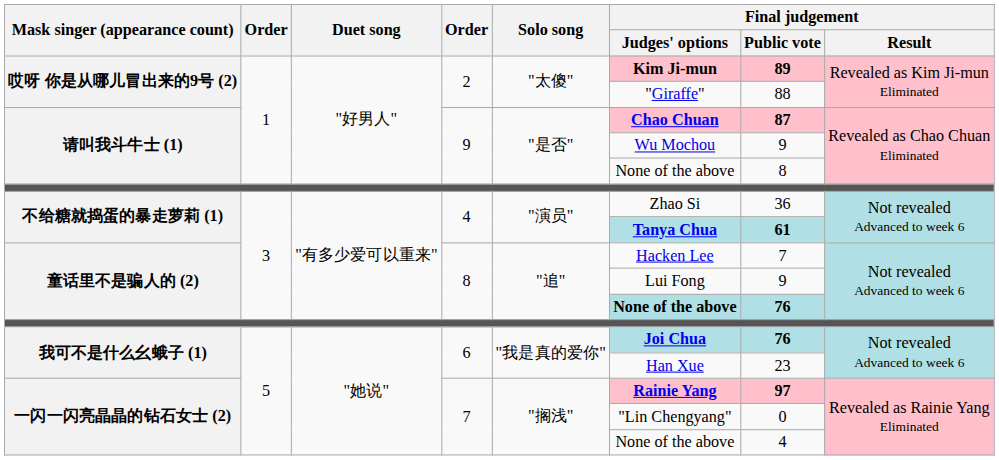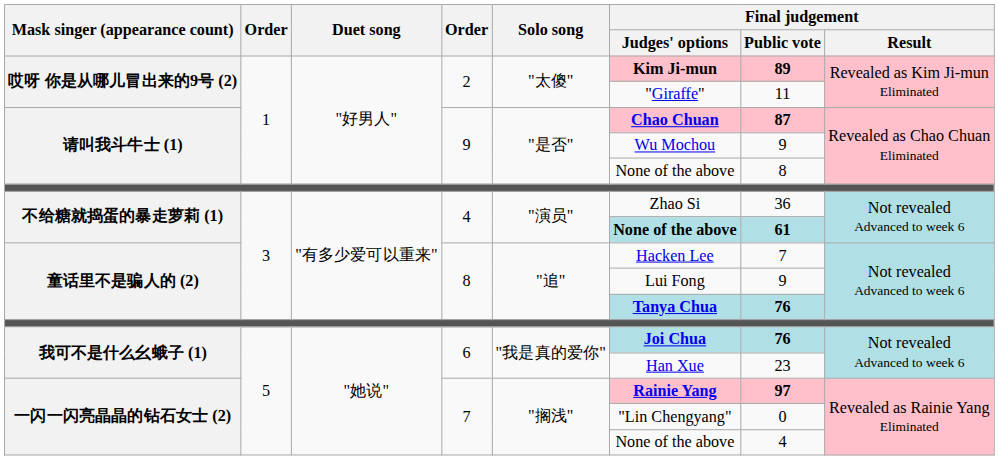 <table class="wikitable plainrowheaders" style="text-align:center;">
 <tr>
 <th rowspan=2 scope="col">Mask singer (appearance count)</th>
 <th rowspan=2 scope="col">Order</th>
 <th rowspan=2 scope="col">Duet song</th>
 <th rowspan=2 scope="col">Order</th>
 <th rowspan=2 scope="col">Solo song</th>
 <th scope="col" colspan=3>Final judgement</th>
 </tr>
 <tr>
 <th scope="col">Judges' options</th>
 <th scope="col">Public vote</th>
 <th scope="col">Result</th>
 </tr>
 <tr>
 <th rowspan=2 scope="row">哎呀 你是从哪儿冒出来的9号 (2)</th>
 <td rowspan=5>1</td>
 <td rowspan=5>"好男人"</td>
 <td rowspan=2>2</td>
 <td rowspan=2>"太傻"</td>
 <td style="background:pink;"><strong>Kim Ji-mun</strong></td>
 <td style="background:pink;"><strong>89</strong></td>
 <td style="background:pink;" rowspan=2>Revealed as Kim Ji-mun<br><small>Eliminated</small></td>
 </tr>
 <tr>
 <td>"<a href='#'>Giraffe</a>"</td>
-<td>88</td>
+<td>11</td>
 </tr>
 <tr>
 <th rowspan=3 scope="row">请叫我斗牛士 (1)</th>
 <td rowspan=3>9</td>
 <td rowspan=3>"是否"</td>
 <td style="background:pink;"><strong><a href='#'>Chao Chuan</a></strong></td>
 <td style="background:pink;"><strong>87</strong></td>
 <td style="background:pink;" rowspan=3>Revealed as Chao Chuan<br><small>Eliminated</small></td>
 </tr>
 <tr>
 <td><a href='#'>Wu Mochou</a></td>
 <td>9</td>
 </tr>
 <tr>
 <td>None of the above</td>
 <td>8</td>
 </tr>
 <tr>
 <td colspan="8" style="background:#555;"></td>
 </tr>
 <tr>
 <th rowspan=2 scope="row">不给糖就捣蛋的暴走萝莉 (1)</th>
 <td rowspan=5>3</td>
 <td rowspan=5>"有多少爱可以重来"</td>
 <td rowspan=2>4</td>
 <td rowspan=2>"演员"</td>
 <td>Zhao Si</td>
 <td>36</td>
 <td style="background:#B0E0E6;" rowspan=2>Not revealed<br><small>Advanced to week 6</small></td>
 </tr>
 <tr style="background:#B0E0E6;">
-<td><strong><a href='#'>Tanya Chua</a></strong></td>
+<td><strong>None of the above</strong></td>
 <td><strong>61</strong></td>
 </tr>
 <tr>
 <th rowspan=3 scope="row">童话里不是骗人的 (2)</th>
 <td rowspan=3>8</td>
 <td rowspan=3>"追"</td>
 <td><a href='#'>Hacken Lee</a></td>
 <td>7</td>
 <td style="background:#B0E0E6;" rowspan=3>Not revealed<br><small>Advanced to week 6</small></td>
 </tr>
 <tr>
 <td>Lui Fong</td>
 <td>9</td>
 </tr>
 <tr style="background:#B0E0E6;">
-<td><strong>None of the above</strong></td>
+<td><strong><a href='#'>Tanya Chua</a></strong></td>
 <td><strong>76</strong></td>
 </tr>
 <tr>
 <td colspan="8" style="background:#555;"></td>
 </tr>
 <tr>
 <th rowspan=2 scope="row">我可不是什么幺蛾子 (1)</th>
 <td rowspan=5>5</td>
 <td rowspan=5>"她说"</td>
 <td rowspan=2>6</td>
 <td rowspan=2>"我是真的爱你"</td>
 <td style="background:#B0E0E6;"><strong><a href='#'>Joi Chua</a></strong></td>
 <td style="background:#B0E0E6;"><strong>76</strong></td>
 <td style="background:#B0E0E6;" rowspan=2>Not revealed<br><small>Advanced to week 6</small></td>
 </tr>
 <tr>
 <td><a href='#'>Han Xue</a></td>
 <td>23</td>
 </tr>
 <tr>
 <th rowspan=3 scope="row">一闪一闪亮晶晶的钻石女士 (2)</th>
 <td rowspan=3>7</td>
 <td rowspan=3>"搁浅"</td>
 <td style="background:pink;"><strong><a href='#'>Rainie Yang</a></strong></td>
 <td style="background:pink;"><strong>97</strong></td>
 <td style="background:pink;" rowspan=3>Revealed as Rainie Yang<br><small>Eliminated</small></td>
 </tr>
 <tr>
 <td>"Lin Chengyang"</td>
 <td>0</td>
 </tr>
 <tr>
 <td>None of the above</td>
 <td>4</td>
 </tr>
 </table>
